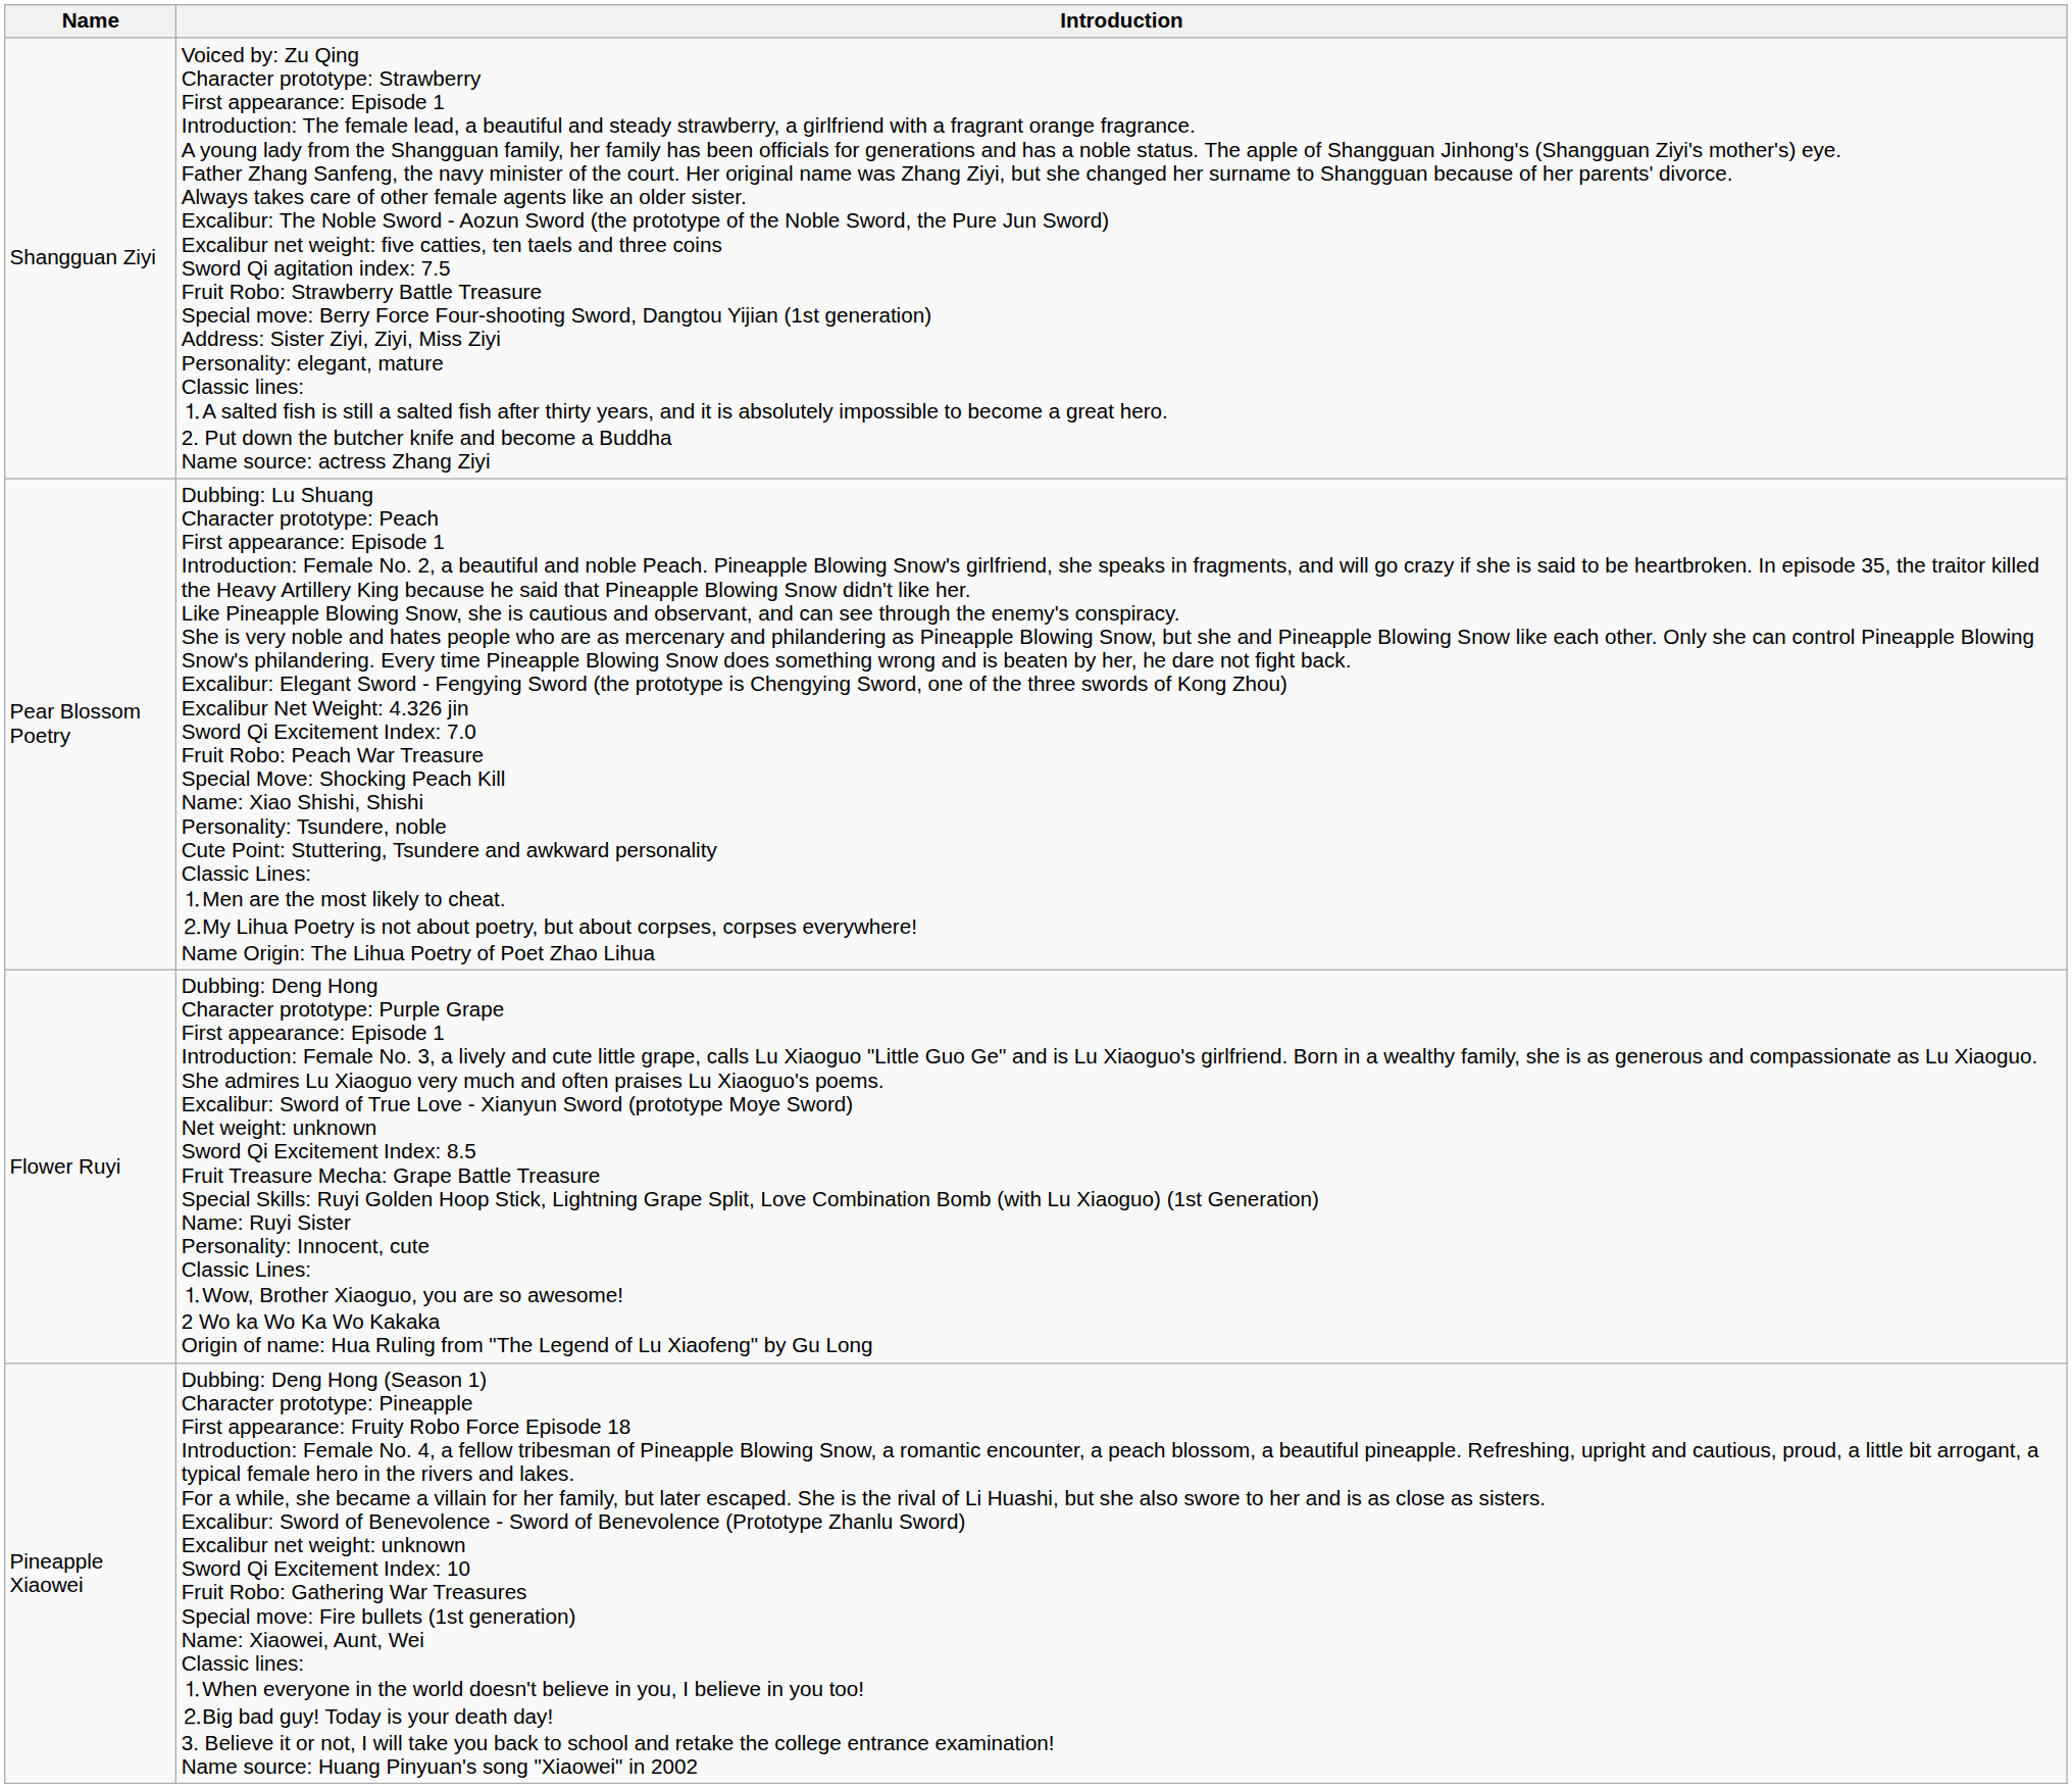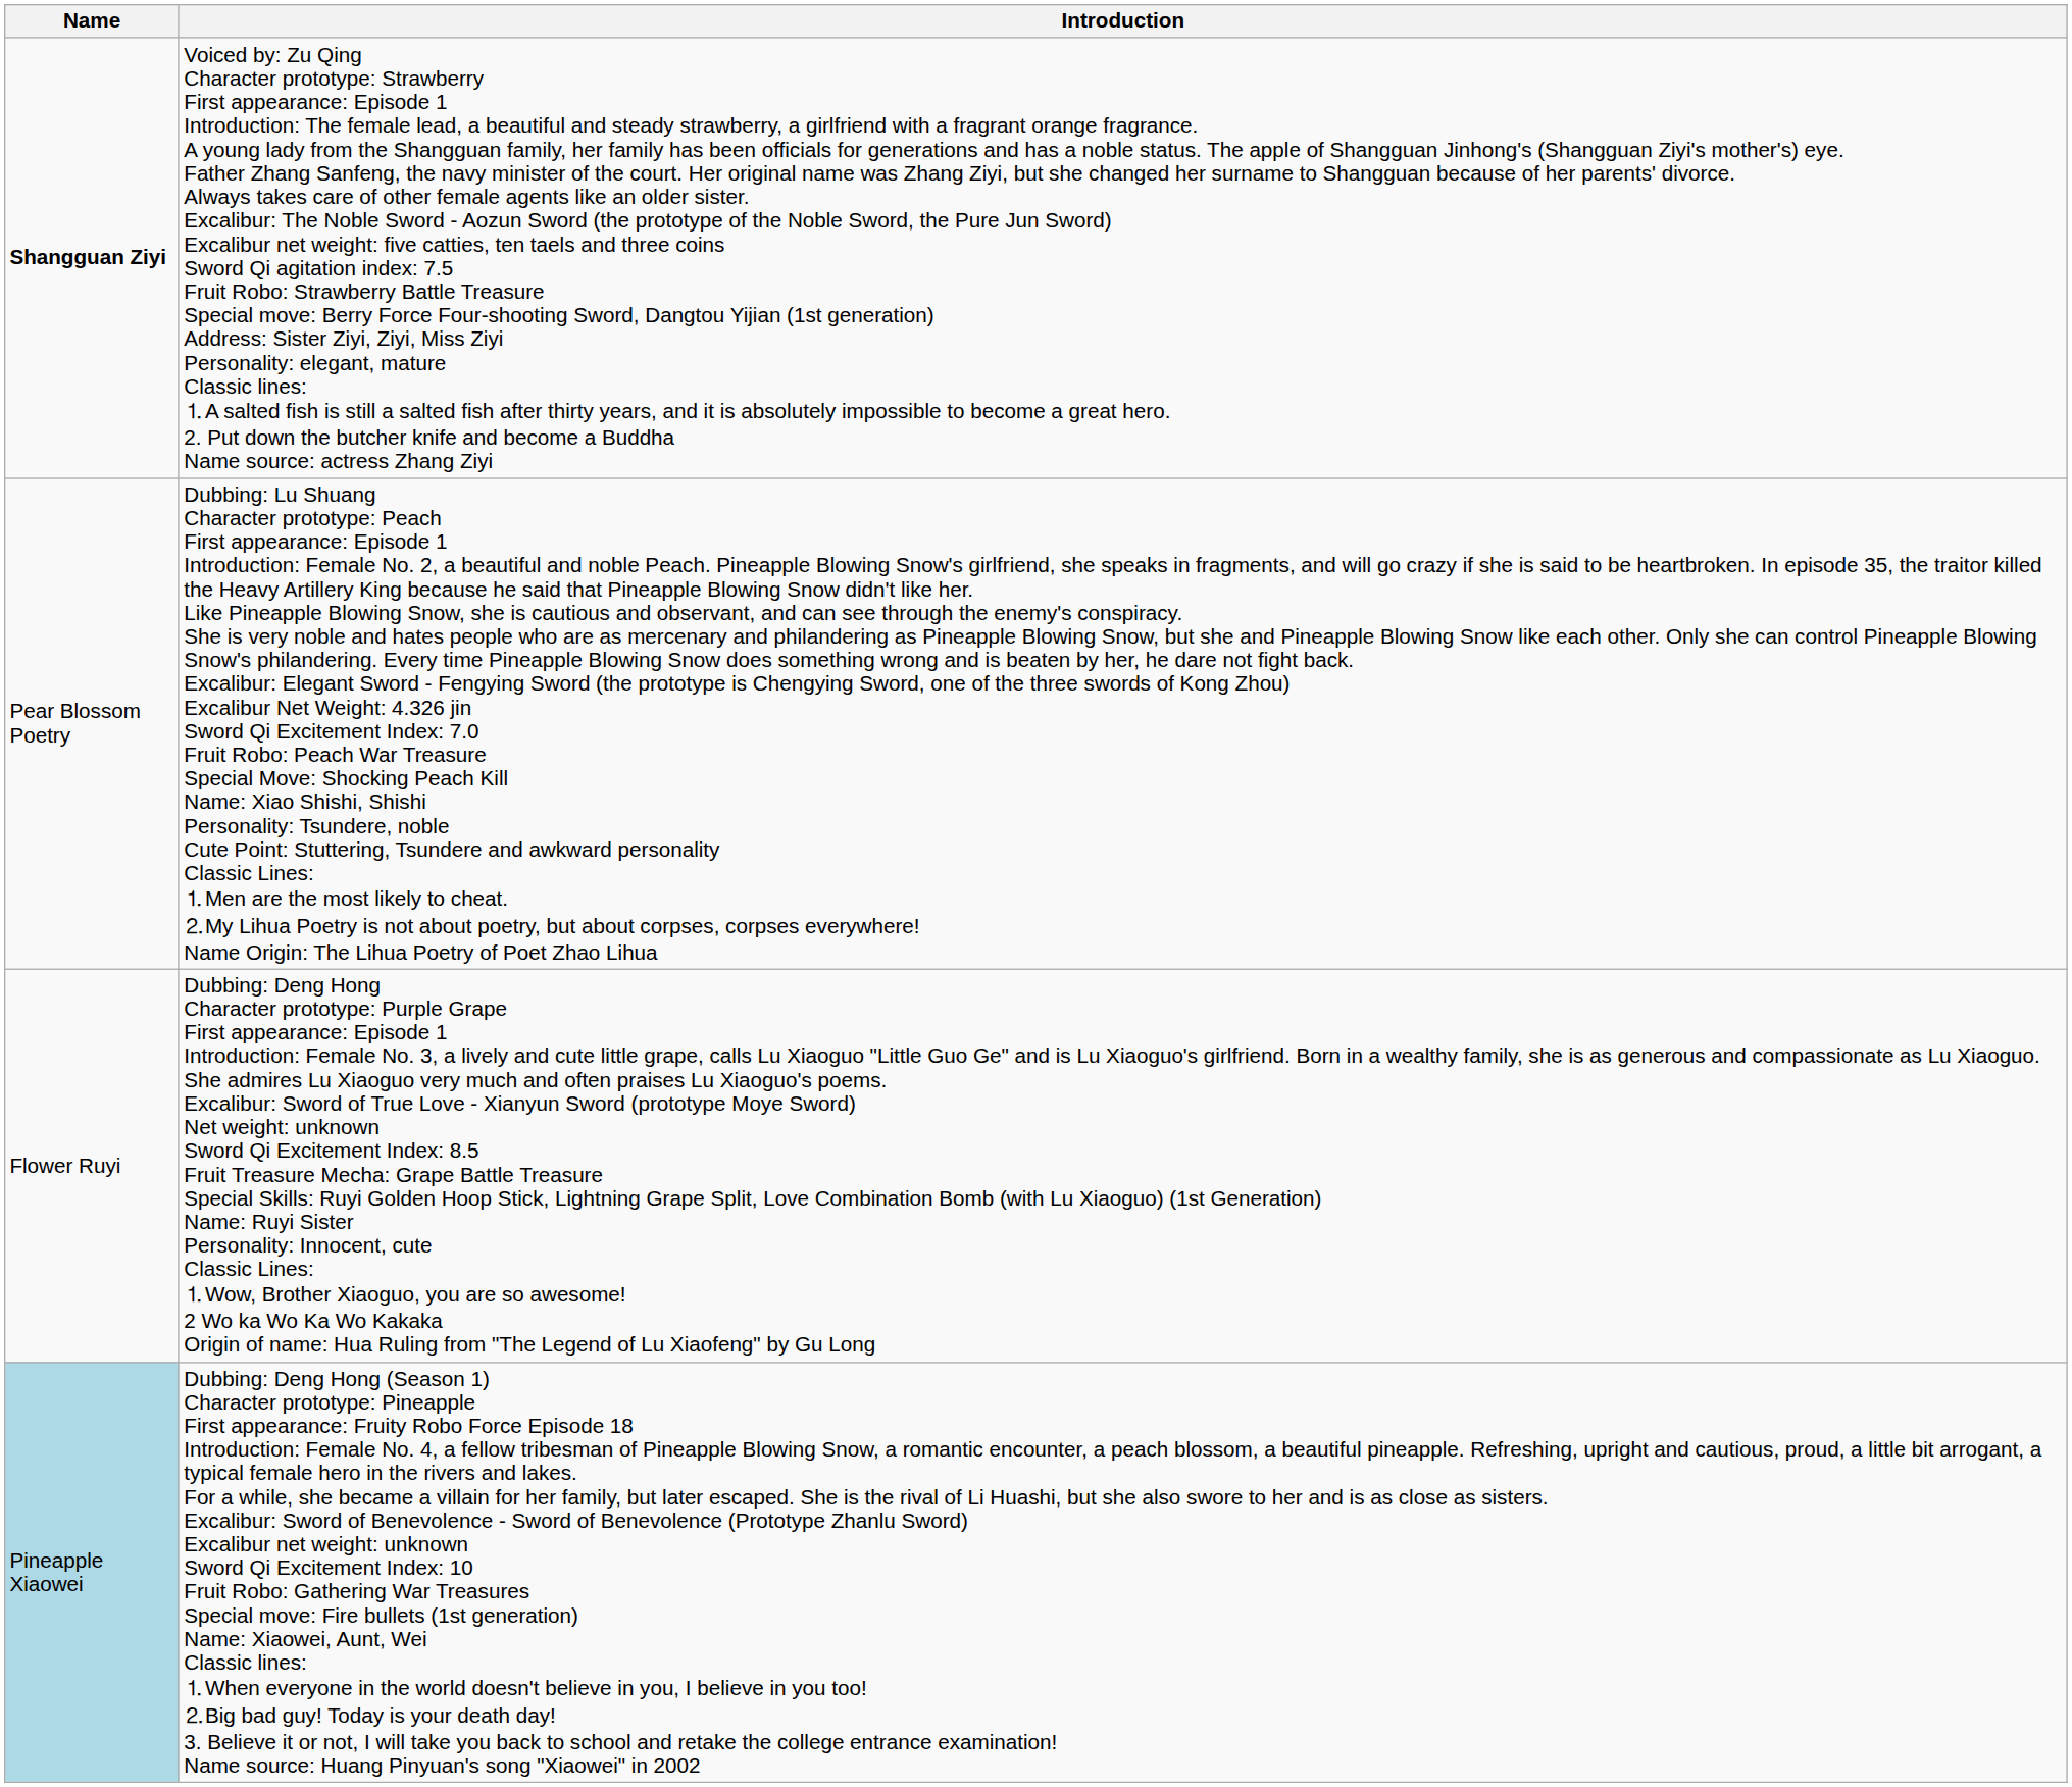 <table class="wikitable">
 <tr>
 <th>Name</th>
 <th>Introduction</th>
 </tr>
 <tr>
-<td>Shangguan Ziyi</td>
+<td><strong>Shangguan Ziyi</strong></td>
 <td>Voiced by: Zu Qing<br>Character prototype: Strawberry<br>First appearance: Episode 1<br>Introduction: The female lead, a beautiful and steady strawberry, a girlfriend with a fragrant orange fragrance.<br>A young lady from the Shangguan family, her family has been officials for generations and has a noble status. The apple of Shangguan Jinhong's (Shangguan Ziyi's mother's) eye.<br>Father Zhang Sanfeng, the navy minister of the court. Her original name was Zhang Ziyi, but she changed her surname to Shangguan because of her parents' divorce.<br>Always takes care of other female agents like an older sister.<br>Excalibur: The Noble Sword - Aozun Sword (the prototype of the Noble Sword, the Pure Jun Sword)<br>Excalibur net weight: five catties, ten taels and three coins<br>Sword Qi agitation index: 7.5<br>Fruit Robo: Strawberry Battle Treasure<br>Special move: Berry Force Four-shooting Sword, Dangtou Yijian (1st generation)<br>Address: Sister Ziyi, Ziyi, Miss Ziyi<br>Personality: elegant, mature<br>Classic lines:<br>⒈A salted fish is still a salted fish after thirty years, and it is absolutely impossible to become a great hero.<br>2. Put down the butcher knife and become a Buddha<br>Name source: actress Zhang Ziyi</td>
 </tr>
 <tr>
 <td>Pear Blossom Poetry</td>
 <td>Dubbing: Lu Shuang<br>Character prototype: Peach<br>First appearance: Episode 1<br>Introduction: Female No. 2, a beautiful and noble Peach. Pineapple Blowing Snow's girlfriend, she speaks in fragments, and will go crazy if she is said to be heartbroken. In episode 35, the traitor killed the Heavy Artillery King because he said that Pineapple Blowing Snow didn't like her.<br>Like Pineapple Blowing Snow, she is cautious and observant, and can see through the enemy's conspiracy.<br>She is very noble and hates people who are as mercenary and philandering as Pineapple Blowing Snow, but she and Pineapple Blowing Snow like each other. Only she can control Pineapple Blowing Snow's philandering. Every time Pineapple Blowing Snow does something wrong and is beaten by her, he dare not fight back.<br>Excalibur: Elegant Sword - Fengying Sword (the prototype is Chengying Sword, one of the three swords of Kong Zhou)<br>Excalibur Net Weight: 4.326 jin<br>Sword Qi Excitement Index: 7.0<br>Fruit Robo: Peach War Treasure<br>Special Move: Shocking Peach Kill<br>Name: Xiao Shishi, Shishi<br>Personality: Tsundere, noble<br>Cute Point: Stuttering, Tsundere and awkward personality<br>Classic Lines:<br>⒈Men are the most likely to cheat.<br>⒉My Lihua Poetry is not about poetry, but about corpses, corpses everywhere!<br>Name Origin: The Lihua Poetry of Poet Zhao Lihua</td>
 </tr>
 <tr>
 <td>Flower Ruyi</td>
 <td>Dubbing: Deng Hong<br>Character prototype: Purple Grape<br>First appearance: Episode 1<br>Introduction: Female No. 3, a lively and cute little grape, calls Lu Xiaoguo "Little Guo Ge" and is Lu Xiaoguo's girlfriend. Born in a wealthy family, she is as generous and compassionate as Lu Xiaoguo. She admires Lu Xiaoguo very much and often praises Lu Xiaoguo's poems.<br>Excalibur: Sword of True Love - Xianyun Sword (prototype Moye Sword)<br>Net weight: unknown<br>Sword Qi Excitement Index: 8.5<br>Fruit Treasure Mecha: Grape Battle Treasure<br>Special Skills: Ruyi Golden Hoop Stick, Lightning Grape Split, Love Combination Bomb (with Lu Xiaoguo) (1st Generation)<br>Name: Ruyi Sister<br>Personality: Innocent, cute<br>Classic Lines:<br>⒈Wow, Brother Xiaoguo, you are so awesome!<br>2 Wo ka Wo Ka Wo Kakaka<br>Origin of name: Hua Ruling from "The Legend of Lu Xiaofeng" by Gu Long</td>
 </tr>
 <tr>
-<td>Pineapple Xiaowei</td>
+<td style="background: lightblue;">Pineapple Xiaowei</td>
 <td>Dubbing: Deng Hong (Season 1)<br>Character prototype: Pineapple<br>First appearance: Fruity Robo Force Episode 18<br>Introduction: Female No. 4, a fellow tribesman of Pineapple Blowing Snow, a romantic encounter, a peach blossom, a beautiful pineapple. Refreshing, upright and cautious, proud, a little bit arrogant, a typical female hero in the rivers and lakes.<br>For a while, she became a villain for her family, but later escaped. She is the rival of Li Huashi, but she also swore to her and is as close as sisters.<br>Excalibur: Sword of Benevolence - Sword of Benevolence (Prototype Zhanlu Sword)<br>Excalibur net weight: unknown<br>Sword Qi Excitement Index: 10<br>Fruit Robo: Gathering War Treasures<br>Special move: Fire bullets (1st generation)<br>Name: Xiaowei, Aunt, Wei<br>Classic lines:<br>⒈When everyone in the world doesn't believe in you, I believe in you too!<br>⒉Big bad guy! Today is your death day!<br>3. Believe it or not, I will take you back to school and retake the college entrance examination!<br>Name source: Huang Pinyuan's song "Xiaowei" in 2002</td>
 </tr>
 </table>
